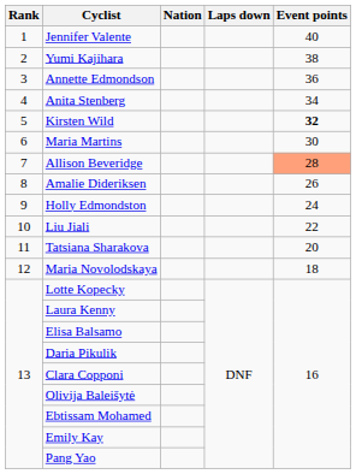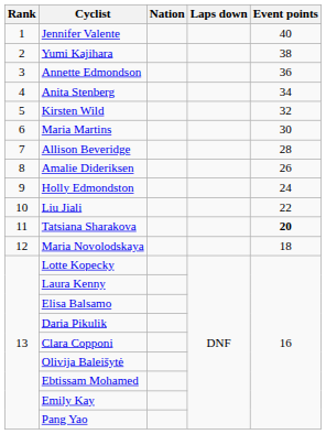 <table class="wikitable sortable" style="text-align:center">
 <tr>
 <th>Rank</th>
 <th>Cyclist</th>
 <th>Nation</th>
 <th>Laps down</th>
 <th>Event points</th>
 </tr>
 <tr>
 <td>1</td>
 <td align=left><a href='#'>Jennifer Valente</a></td>
 <td align=left></td>
 <td></td>
 <td>40</td>
 </tr>
 <tr>
 <td>2</td>
 <td align=left><a href='#'>Yumi Kajihara</a></td>
 <td align=left></td>
 <td></td>
 <td>38</td>
 </tr>
 <tr>
 <td>3</td>
 <td align=left><a href='#'>Annette Edmondson</a></td>
 <td align=left></td>
 <td></td>
 <td>36</td>
 </tr>
 <tr>
 <td>4</td>
 <td align=left><a href='#'>Anita Stenberg</a></td>
 <td align=left></td>
 <td></td>
 <td>34</td>
 </tr>
 <tr>
 <td>5</td>
 <td align=left><a href='#'>Kirsten Wild</a></td>
 <td align=left></td>
 <td></td>
-<td><strong>32</strong></td>
+<td>32</td>
 </tr>
 <tr>
 <td>6</td>
 <td align=left><a href='#'>Maria Martins</a></td>
 <td align=left></td>
 <td></td>
 <td>30</td>
 </tr>
 <tr>
 <td>7</td>
 <td align=left><a href='#'>Allison Beveridge</a></td>
 <td align=left></td>
 <td></td>
-<td style="background: lightsalmon;">28</td>
+<td>28</td>
 </tr>
 <tr>
 <td>8</td>
 <td align=left><a href='#'>Amalie Dideriksen</a></td>
 <td align=left></td>
 <td></td>
 <td>26</td>
 </tr>
 <tr>
 <td>9</td>
 <td align=left><a href='#'>Holly Edmondston</a></td>
 <td align=left></td>
 <td></td>
 <td>24</td>
 </tr>
 <tr>
 <td>10</td>
 <td align=left><a href='#'>Liu Jiali</a></td>
 <td align=left></td>
 <td></td>
 <td>22</td>
 </tr>
 <tr>
 <td>11</td>
 <td align=left><a href='#'>Tatsiana Sharakova</a></td>
 <td align=left></td>
 <td></td>
-<td>20</td>
+<td><strong>20</strong></td>
 </tr>
 <tr>
 <td>12</td>
 <td align=left><a href='#'>Maria Novolodskaya</a></td>
 <td align=left></td>
 <td></td>
 <td>18</td>
 </tr>
 <tr>
 <td rowspan=9>13</td>
 <td align=left><a href='#'>Lotte Kopecky</a></td>
 <td align=left></td>
 <td rowspan=9>DNF</td>
 <td rowspan=9>16</td>
 </tr>
 <tr>
 <td align=left><a href='#'>Laura Kenny</a></td>
 <td align=left></td>
 </tr>
 <tr>
 <td align=left><a href='#'>Elisa Balsamo</a></td>
 <td align=left></td>
 </tr>
 <tr>
 <td align=left><a href='#'>Daria Pikulik</a></td>
 <td align=left></td>
 </tr>
 <tr>
 <td align=left><a href='#'>Clara Copponi</a></td>
 <td align=left></td>
 </tr>
 <tr>
 <td align=left><a href='#'>Olivija Baleišytė</a></td>
 <td align=left></td>
 </tr>
 <tr>
 <td align=left><a href='#'>Ebtissam Mohamed</a></td>
 <td align=left></td>
 </tr>
 <tr>
 <td align=left><a href='#'>Emily Kay</a></td>
 <td align=left></td>
 </tr>
 <tr>
 <td align=left><a href='#'>Pang Yao</a></td>
 <td align=left></td>
 </tr>
 </table>
